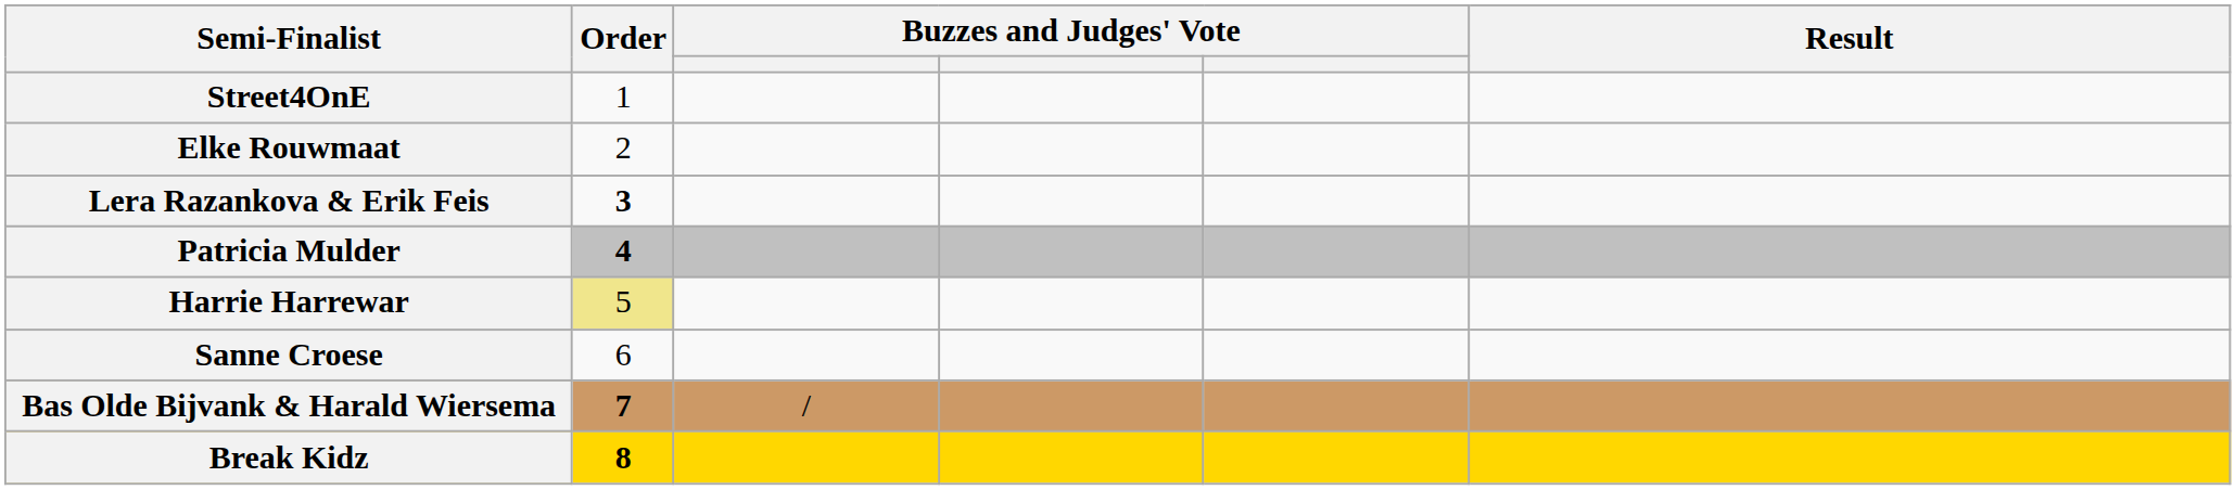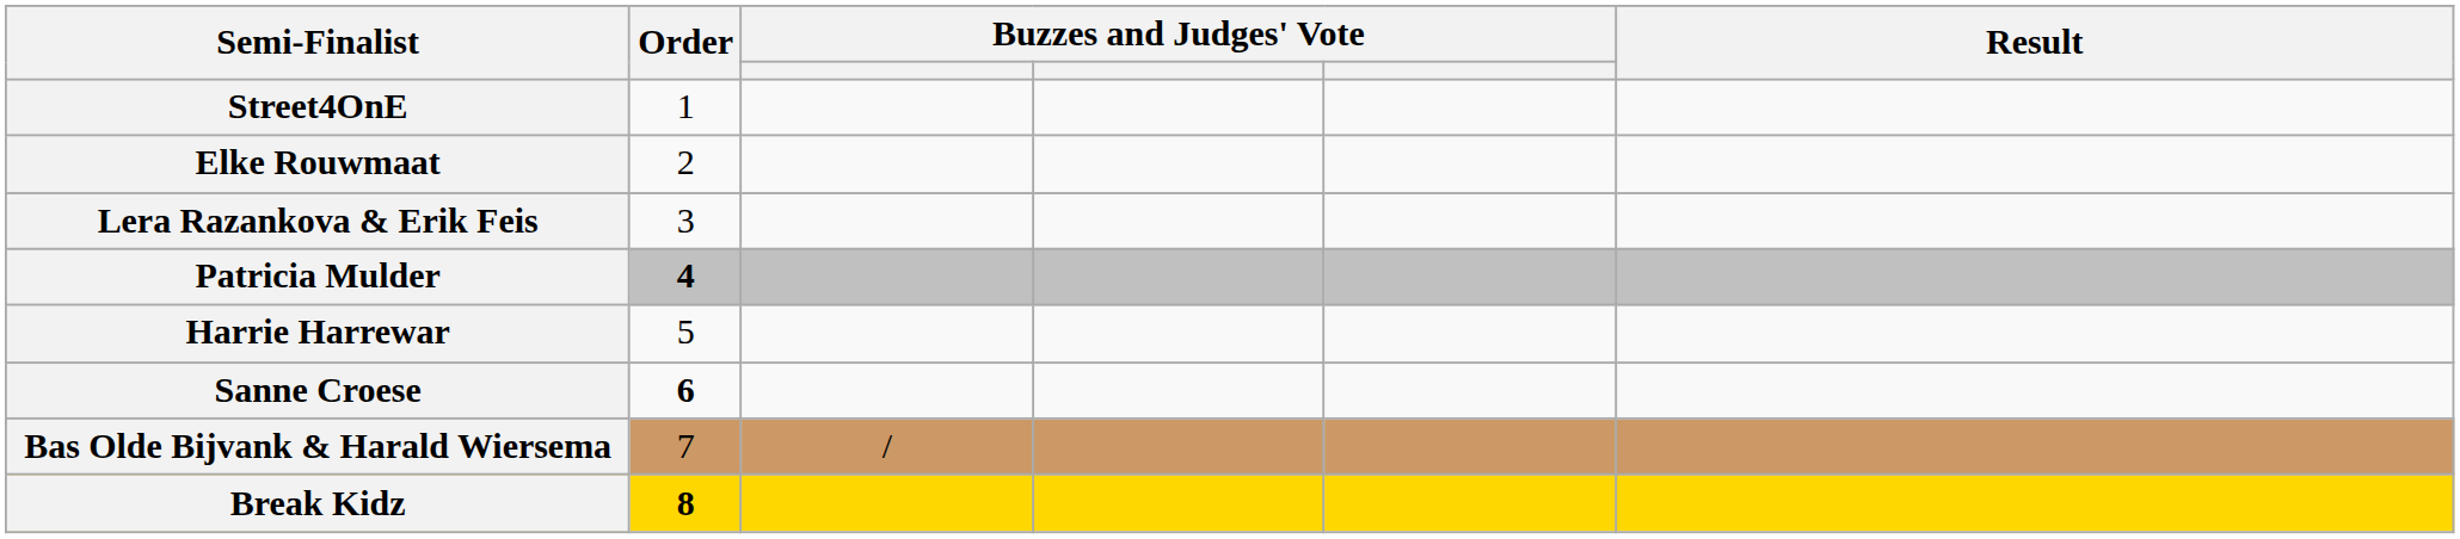 <table class="wikitable plainrowheaders sortable" style="text-align:center;">
 <tr>
 <th scope="col" rowspan=2 class="unsortable" style="width:17em;">Semi-Finalist</th>
 <th scope="col" rowspan=2 style="width:1em;">Order</th>
 <th scope="col" colspan=3 class="unsortable" style="width:24em;">Buzzes and Judges' Vote</th>
 <th scope="col" rowspan=2 style="width:23em;">Result</th>
 </tr>
 <tr>
 <th scope="col" class="unsortable" style="width:6em;"></th>
 <th scope="col" class="unsortable" style="width:6em;"></th>
 <th scope="col" class="unsortable" style="width:6em;"></th>
 </tr>
 <tr>
 <th scope="row">Street4OnE</th>
 <td>1</td>
 <td style="text-align:center;"></td>
 <td style="text-align:center;"></td>
 <td style="text-align:center;"></td>
 <td></td>
 </tr>
 <tr>
 <th scope="row">Elke Rouwmaat</th>
 <td>2</td>
 <td style="text-align:center;"></td>
 <td style="text-align:center;"></td>
 <td style="text-align:center;"></td>
 <td></td>
 </tr>
 <tr>
 <th scope="row">Lera Razankova & Erik Feis</th>
-<td><strong>3</strong></td>
+<td>3</td>
 <td style="text-align:center;"></td>
 <td style="text-align:center;"></td>
 <td style="text-align:center;"></td>
 <td></td>
 </tr>
 <tr bgcolor=silver>
 <th scope="row"><strong>Patricia Mulder</strong></th>
 <td><strong>4</strong></td>
 <td style="text-align:center;"></td>
 <td style="text-align:center;"></td>
 <td style="text-align:center;"></td>
 <td><strong></strong></td>
 </tr>
 <tr>
 <th scope="row">Harrie Harrewar</th>
-<td style="background: khaki;">5</td>
+<td>5</td>
 <td style="text-align:center;"></td>
 <td style="text-align:center;"></td>
 <td style="text-align:center;"></td>
 <td></td>
 </tr>
 <tr>
 <th scope="row">Sanne Croese</th>
-<td>6</td>
+<td><strong>6</strong></td>
 <td style="text-align:center;"></td>
 <td style="text-align:center;"></td>
 <td style="text-align:center;"></td>
 <td></td>
 </tr>
 <tr bgcolor=#c96>
 <th scope="row">Bas Olde Bijvank & Harald Wiersema</th>
-<td><strong>7</strong></td>
+<td>7</td>
 <td style="text-align:center;"> / </td>
 <td style="text-align:center;"></td>
 <td style="text-align:center;"></td>
 <td><strong></strong></td>
 </tr>
 <tr bgcolor=gold>
 <th scope="row"><strong>Break Kidz</strong></th>
 <td><strong>8</strong></td>
 <td style="text-align:center;"></td>
 <td style="text-align:center;"></td>
 <td style="text-align:center;"></td>
 <td><strong></strong></td>
 </tr>
 </table>
